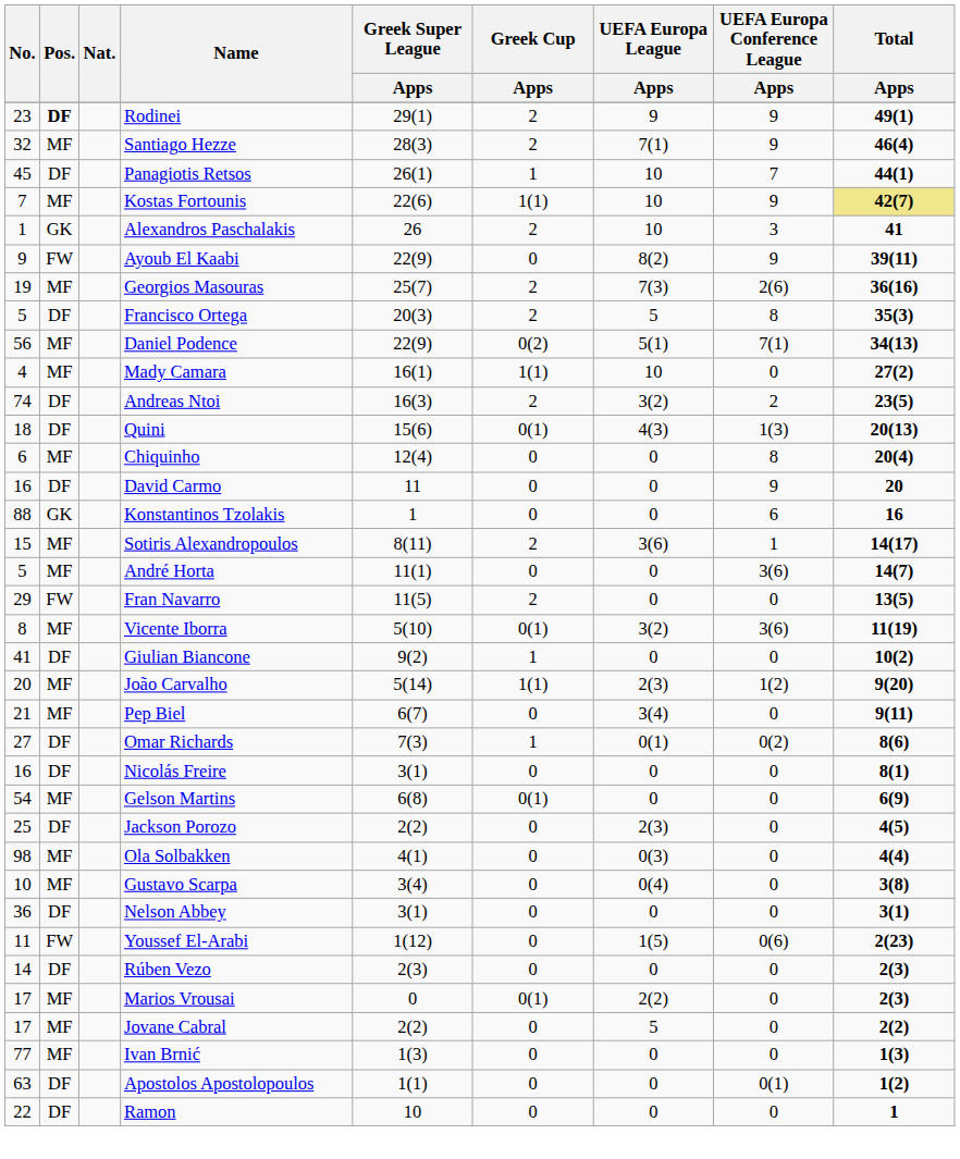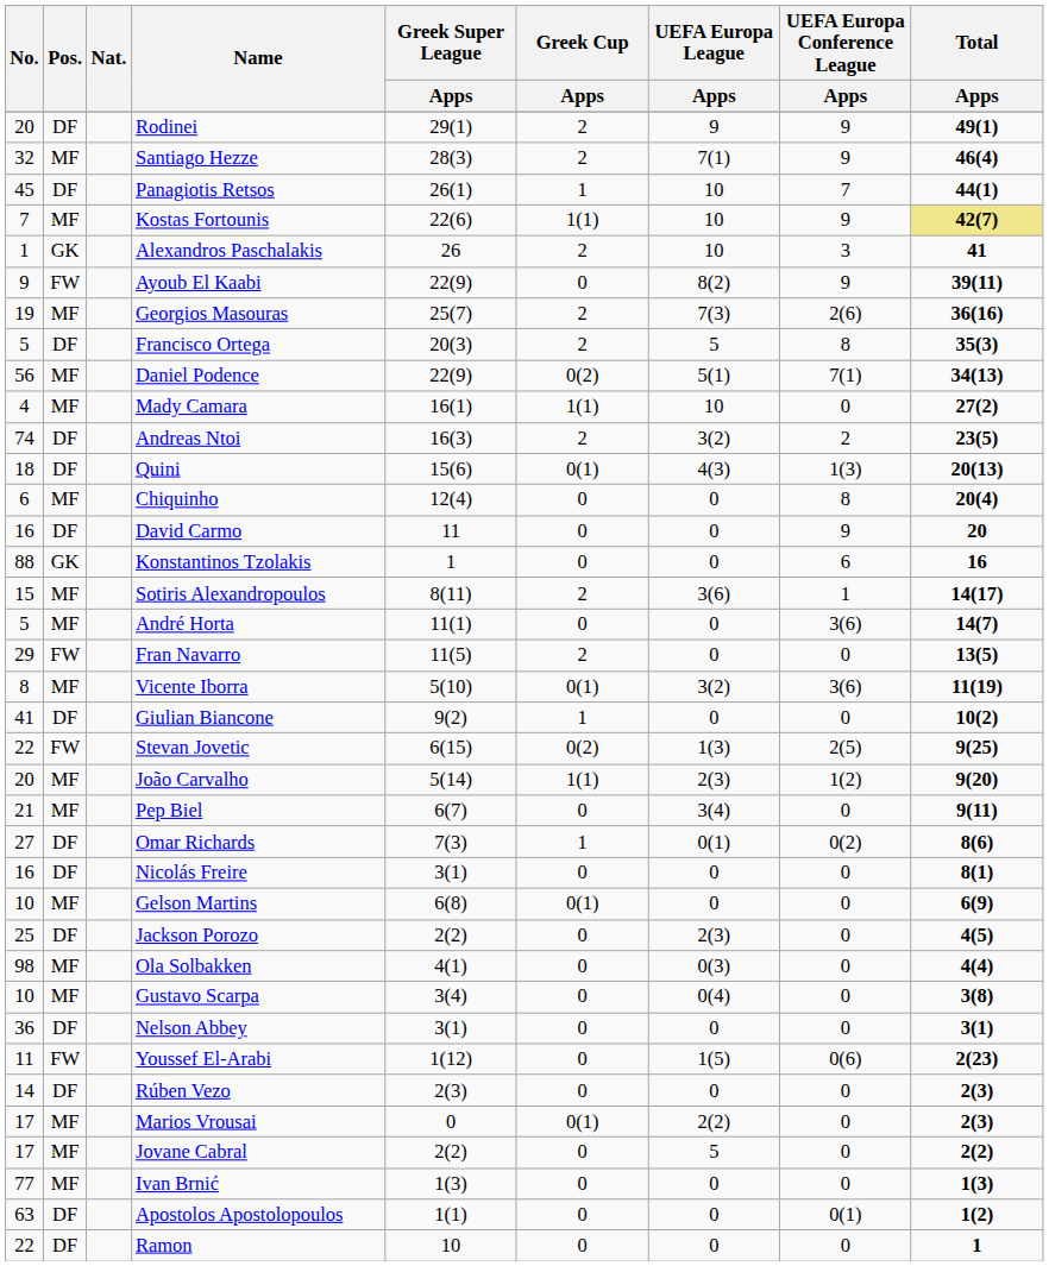 <table class="wikitable sortable" style="text-align:center">
 <tr>
 <th style="text-align:center;" rowspan="2">No.</th>
 <th style="text-align:center;" rowspan="2">Pos.</th>
 <th style="text-align:center;" rowspan="2">Nat.</th>
 <th style="text-align:center; width:200px;" rowspan="2">Name</th>
 <th style="text-align:center; width:100px;">Greek Super League</th>
 <th style="text-align:center; width:100px;">Greek Cup</th>
 <th style="text-align:center; width:100px;">UEFA Europa League</th>
 <th style="text-align:center; width:100px;">UEFA Europa Conference League</th>
 <th style="text-align:center; width:100px;">Total</th>
 </tr>
 <tr>
 <th style="text-align:center;">Apps</th>
 <th style="text-align:center;">Apps</th>
 <th style="text-align:center;">Apps</th>
 <th style="text-align:center;">Apps</th>
 <th style="text-align:center;">Apps</th>
 </tr>
 <tr>
 </tr>
 <tr>
-<td>23</td>
-<td><strong>DF</strong></td>
+<td>20</td>
+<td>DF</td>
 <td></td>
 <td align=left><a href='#'>Rodinei</a></td>
 <td>29(1)</td>
 <td>2</td>
 <td>9</td>
 <td>9</td>
 <td><strong>49(1)</strong></td>
 </tr>
 <tr>
 <td>32</td>
 <td>MF</td>
 <td></td>
 <td align=left><a href='#'>Santiago Hezze</a></td>
 <td>28(3)</td>
 <td>2</td>
 <td>7(1)</td>
 <td>9</td>
 <td><strong>46(4)</strong></td>
 </tr>
 <tr>
 <td>45</td>
 <td>DF</td>
 <td></td>
 <td align=left><a href='#'>Panagiotis Retsos</a></td>
 <td>26(1)</td>
 <td>1</td>
 <td>10</td>
 <td>7</td>
 <td><strong>44(1)</strong></td>
 </tr>
 <tr>
 <td>7</td>
 <td>MF</td>
 <td></td>
 <td align=left><a href='#'>Kostas Fortounis</a></td>
 <td>22(6)</td>
 <td>1(1)</td>
 <td>10</td>
 <td>9</td>
 <td style="background: khaki;"><strong>42(7)</strong></td>
 </tr>
 <tr>
 <td>1</td>
 <td>GK</td>
 <td></td>
 <td align=left><a href='#'>Alexandros Paschalakis</a></td>
 <td>26</td>
 <td>2</td>
 <td>10</td>
 <td>3</td>
 <td><strong>41</strong></td>
 </tr>
 <tr>
 <td>9</td>
 <td>FW</td>
 <td></td>
 <td align=left><a href='#'>Ayoub El Kaabi</a></td>
 <td>22(9)</td>
 <td>0</td>
 <td>8(2)</td>
 <td>9</td>
 <td><strong>39(11)</strong></td>
 </tr>
 <tr>
 <td>19</td>
 <td>MF</td>
 <td></td>
 <td align=left><a href='#'>Georgios Masouras</a></td>
 <td>25(7)</td>
 <td>2</td>
 <td>7(3)</td>
 <td>2(6)</td>
 <td><strong>36(16)</strong></td>
 </tr>
 <tr>
 <td>5</td>
 <td>DF</td>
 <td></td>
 <td align=left><a href='#'>Francisco Ortega</a></td>
 <td>20(3)</td>
 <td>2</td>
 <td>5</td>
 <td>8</td>
 <td><strong>35(3)</strong></td>
 </tr>
 <tr>
 <td>56</td>
 <td>MF</td>
 <td></td>
 <td align=left><a href='#'>Daniel Podence</a></td>
 <td>22(9)</td>
 <td>0(2)</td>
 <td>5(1)</td>
 <td>7(1)</td>
 <td><strong>34(13)</strong></td>
 </tr>
 <tr>
 <td>4</td>
 <td>MF</td>
 <td></td>
 <td align=left><a href='#'>Mady Camara</a></td>
 <td>16(1)</td>
 <td>1(1)</td>
 <td>10</td>
 <td>0</td>
 <td><strong>27(2)</strong></td>
 </tr>
 <tr>
 <td>74</td>
 <td>DF</td>
 <td></td>
 <td align=left><a href='#'>Andreas Ntoi</a></td>
 <td>16(3)</td>
 <td>2</td>
 <td>3(2)</td>
 <td>2</td>
 <td><strong>23(5)</strong></td>
 </tr>
 <tr>
 <td>18</td>
 <td>DF</td>
 <td></td>
 <td align=left><a href='#'>Quini</a></td>
 <td>15(6)</td>
 <td>0(1)</td>
 <td>4(3)</td>
 <td>1(3)</td>
 <td><strong>20(13)</strong></td>
 </tr>
 <tr>
 <td>6</td>
 <td>MF</td>
 <td></td>
 <td align=left><a href='#'>Chiquinho</a></td>
 <td>12(4)</td>
 <td>0</td>
 <td>0</td>
 <td>8</td>
 <td><strong>20(4)</strong></td>
 </tr>
 <tr>
 <td>16</td>
 <td>DF</td>
 <td></td>
 <td align=left><a href='#'>David Carmo</a></td>
 <td>11</td>
 <td>0</td>
 <td>0</td>
 <td>9</td>
 <td><strong>20</strong></td>
 </tr>
 <tr>
 <td>88</td>
 <td>GK</td>
 <td></td>
 <td align=left><a href='#'>Konstantinos Tzolakis</a></td>
 <td>1</td>
 <td>0</td>
 <td>0</td>
 <td>6</td>
 <td><strong>16</strong></td>
 </tr>
 <tr>
 <td>15</td>
 <td>MF</td>
 <td></td>
 <td align=left><a href='#'>Sotiris Alexandropoulos</a></td>
 <td>8(11)</td>
 <td>2</td>
 <td>3(6)</td>
 <td>1</td>
 <td><strong>14(17)</strong></td>
 </tr>
 <tr>
 <td>5</td>
 <td>MF</td>
 <td></td>
 <td align=left><a href='#'>André Horta</a></td>
 <td>11(1)</td>
 <td>0</td>
 <td>0</td>
 <td>3(6)</td>
 <td><strong>14(7)</strong></td>
 </tr>
 <tr>
 <td>29</td>
 <td>FW</td>
 <td></td>
 <td align=left><a href='#'>Fran Navarro</a></td>
 <td>11(5)</td>
 <td>2</td>
 <td>0</td>
 <td>0</td>
 <td><strong>13(5)</strong></td>
 </tr>
 <tr>
 <td>8</td>
 <td>MF</td>
 <td></td>
 <td align=left><a href='#'>Vicente Iborra</a></td>
 <td>5(10)</td>
 <td>0(1)</td>
 <td>3(2)</td>
 <td>3(6)</td>
 <td><strong>11(19)</strong></td>
 </tr>
 <tr>
 <td>41</td>
 <td>DF</td>
 <td></td>
 <td align=left><a href='#'>Giulian Biancone</a></td>
 <td>9(2)</td>
 <td>1</td>
 <td>0</td>
 <td>0</td>
 <td><strong>10(2)</strong></td>
 </tr>
 <tr>
+<td>22</td>
+<td>FW</td>
+<td></td>
+<td align=left><a href='#'>Stevan Jovetic</a></td>
+<td>6(15)</td>
+<td>0(2)</td>
+<td>1(3)</td>
+<td>2(5)</td>
+<td><strong>9(25)</strong></td>
+</tr>
+<tr>
 <td>20</td>
 <td>MF</td>
 <td></td>
 <td align=left><a href='#'>João Carvalho</a></td>
 <td>5(14)</td>
 <td>1(1)</td>
 <td>2(3)</td>
 <td>1(2)</td>
 <td><strong>9(20)</strong></td>
 </tr>
 <tr>
 <td>21</td>
 <td>MF</td>
 <td></td>
 <td align=left><a href='#'>Pep Biel</a></td>
 <td>6(7)</td>
 <td>0</td>
 <td>3(4)</td>
 <td>0</td>
 <td><strong>9(11)</strong></td>
 </tr>
 <tr>
 <td>27</td>
 <td>DF</td>
 <td></td>
 <td align=left><a href='#'>Omar Richards</a></td>
 <td>7(3)</td>
 <td>1</td>
 <td>0(1)</td>
 <td>0(2)</td>
 <td><strong>8(6)</strong></td>
 </tr>
 <tr>
 <td>16</td>
 <td>DF</td>
 <td></td>
 <td align=left><a href='#'>Nicolás Freire</a></td>
 <td>3(1)</td>
 <td>0</td>
 <td>0</td>
 <td>0</td>
 <td><strong>8(1)</strong></td>
 </tr>
 <tr>
-<td>54</td>
+<td>10</td>
 <td>MF</td>
 <td></td>
 <td align=left><a href='#'>Gelson Martins</a></td>
 <td>6(8)</td>
 <td>0(1)</td>
 <td>0</td>
 <td>0</td>
 <td><strong>6(9)</strong></td>
 </tr>
 <tr>
 <td>25</td>
 <td>DF</td>
 <td></td>
 <td align=left><a href='#'>Jackson Porozo</a></td>
 <td>2(2)</td>
 <td>0</td>
 <td>2(3)</td>
 <td>0</td>
 <td><strong>4(5)</strong></td>
 </tr>
 <tr>
 <td>98</td>
 <td>MF</td>
 <td></td>
 <td align=left><a href='#'>Ola Solbakken</a></td>
 <td>4(1)</td>
 <td>0</td>
 <td>0(3)</td>
 <td>0</td>
 <td><strong>4(4)</strong></td>
 </tr>
 <tr>
 <td>10</td>
 <td>MF</td>
 <td></td>
 <td align=left><a href='#'>Gustavo Scarpa</a></td>
 <td>3(4)</td>
 <td>0</td>
 <td>0(4)</td>
 <td>0</td>
 <td><strong>3(8)</strong></td>
 </tr>
 <tr>
 <td>36</td>
 <td>DF</td>
 <td></td>
 <td align=left><a href='#'>Nelson Abbey</a></td>
 <td>3(1)</td>
 <td>0</td>
 <td>0</td>
 <td>0</td>
 <td><strong>3(1)</strong></td>
 </tr>
 <tr>
 <td>11</td>
 <td>FW</td>
 <td></td>
 <td align=left><a href='#'>Youssef El-Arabi</a></td>
 <td>1(12)</td>
 <td>0</td>
 <td>1(5)</td>
 <td>0(6)</td>
 <td><strong>2(23)</strong></td>
 </tr>
 <tr>
 <td>14</td>
 <td>DF</td>
 <td></td>
 <td align=left><a href='#'>Rúben Vezo</a></td>
 <td>2(3)</td>
 <td>0</td>
 <td>0</td>
 <td>0</td>
 <td><strong>2(3)</strong></td>
 </tr>
 <tr>
 <td>17</td>
 <td>MF</td>
 <td></td>
 <td align=left><a href='#'>Marios Vrousai</a></td>
 <td>0</td>
 <td>0(1)</td>
 <td>2(2)</td>
 <td>0</td>
 <td><strong>2(3)</strong></td>
 </tr>
 <tr>
 <td>17</td>
 <td>MF</td>
 <td></td>
 <td align=left><a href='#'>Jovane Cabral</a></td>
 <td>2(2)</td>
 <td>0</td>
 <td>5</td>
 <td>0</td>
 <td><strong>2(2)</strong></td>
 </tr>
 <tr>
 <td>77</td>
 <td>MF</td>
 <td></td>
 <td align=left><a href='#'>Ivan Brnić</a></td>
 <td>1(3)</td>
 <td>0</td>
 <td>0</td>
 <td>0</td>
 <td><strong>1(3)</strong></td>
 </tr>
 <tr>
 <td>63</td>
 <td>DF</td>
 <td></td>
 <td align=left><a href='#'>Apostolos Apostolopoulos</a></td>
 <td>1(1)</td>
 <td>0</td>
 <td>0</td>
 <td>0(1)</td>
 <td><strong>1(2)</strong></td>
 </tr>
 <tr>
 <td>22</td>
 <td>DF</td>
 <td></td>
 <td align=left><a href='#'>Ramon</a></td>
 <td>10</td>
 <td>0</td>
 <td>0</td>
 <td>0</td>
 <td><strong>1</strong></td>
 </tr>
 <tr>
 </tr>
 </table>
